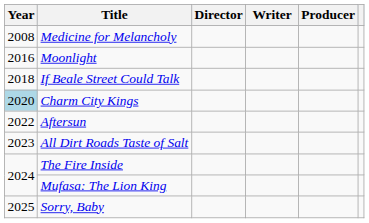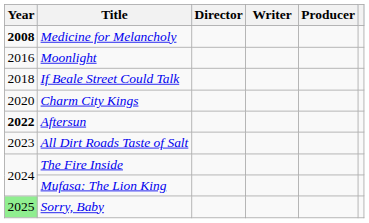 <table class="wikitable">
 <tr style="background:#B0C4DE;">
 <th>Year</th>
 <th>Title</th>
 <th width=55>Director</th>
 <th width=55>Writer</th>
 <th width=55>Producer</th>
 <th></th>
 </tr>
 <tr>
-<td>2008</td>
+<td><strong>2008</strong></td>
 <td><em><a href='#'>Medicine for Melancholy</a></em></td>
 <td></td>
 <td></td>
 <td></td>
 <td></td>
 </tr>
 <tr>
 <td>2016</td>
 <td><em><a href='#'>Moonlight</a></em></td>
 <td></td>
 <td></td>
 <td></td>
 <td></td>
 </tr>
 <tr>
 <td>2018</td>
 <td><em><a href='#'>If Beale Street Could Talk</a></em></td>
 <td></td>
 <td></td>
 <td></td>
 <td></td>
 </tr>
 <tr>
-<td style="background: lightblue;">2020</td>
+<td>2020</td>
 <td><em><a href='#'>Charm City Kings</a></em></td>
 <td></td>
 <td></td>
 <td></td>
 <td></td>
 </tr>
 <tr>
-<td>2022</td>
+<td><strong>2022</strong></td>
 <td><em><a href='#'>Aftersun</a></em></td>
 <td></td>
 <td></td>
 <td></td>
 <td></td>
 </tr>
 <tr>
 <td>2023</td>
 <td><em><a href='#'>All Dirt Roads Taste of Salt</a></em></td>
 <td></td>
 <td></td>
 <td></td>
 <td></td>
 </tr>
 <tr>
 <td rowspan="2">2024</td>
 <td><em><a href='#'>The Fire Inside</a></em></td>
 <td></td>
 <td></td>
 <td></td>
 <td></td>
 </tr>
 <tr>
 <td><em><a href='#'>Mufasa: The Lion King</a></em></td>
 <td></td>
 <td></td>
 <td></td>
 <td></td>
 </tr>
 <tr>
-<td>2025</td>
+<td style="background: lightgreen;">2025</td>
 <td><em><a href='#'>Sorry, Baby</a></em></td>
 <td></td>
 <td></td>
 <td></td>
 <td></td>
 </tr>
 </table>
